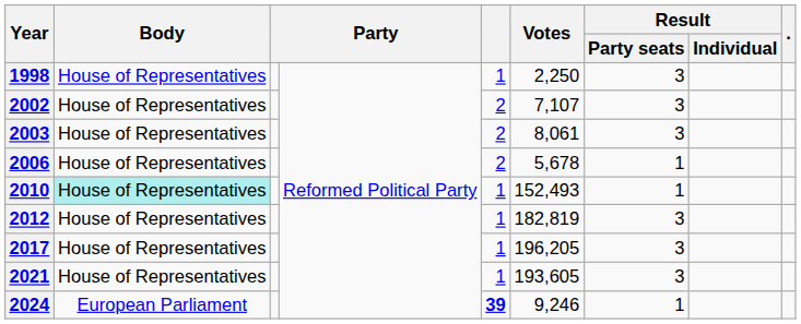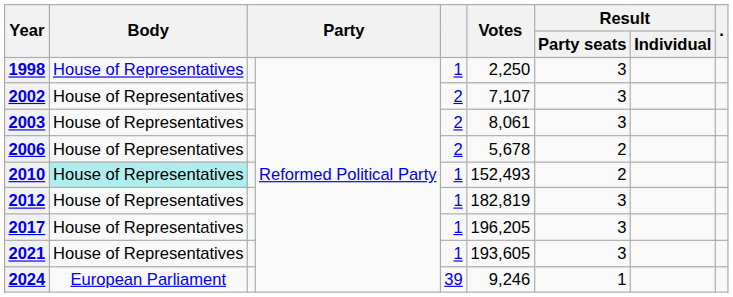 <table class="wikitable plainrowheaders sortable" border=2 cellpadding=4 cellspacing=0 style="border: 1px #aaa solid; font-size: 90%; text-align:center;">
 <tr>
 <th scope="col" rowspan=2>Year</th>
 <th scope="col" rowspan=2>Body</th>
 <th scope="col" colspan=2 rowspan=2>Party</th>
 <th scope="col" rowspan=2></th>
 <th scope="col" rowspan=2>Votes</th>
 <th scope="colgroup" colspan=2>Result</th>
 <th scope="col" rowspan=2 class="unsortable">.</th>
 </tr>
 <tr>
 <th scope="col">Party seats</th>
 <th scope="col">Individual</th>
 </tr>
 <tr>
 <th scope="row"><a href='#'>1998</a></th>
 <td><a href='#'>House of Representatives</a></td>
 <td style="background-color:"></td>
 <td rowspan="9"><a href='#'>Reformed Political Party</a></td>
 <td style=text-align:right><a href='#'>1</a></td>
 <td style=text-align:right>2,250</td>
 <td style=text-align:right>3</td>
 <td></td>
 <td></td>
 </tr>
 <tr>
 <th scope="row"><a href='#'>2002</a></th>
 <td>House of Representatives</td>
 <td style="background-color:"></td>
 <td style=text-align:right><a href='#'>2</a></td>
 <td style=text-align:right>7,107</td>
 <td style=text-align:right>3</td>
 <td></td>
 <td></td>
 </tr>
 <tr>
 <th scope="row"><a href='#'>2003</a></th>
 <td>House of Representatives</td>
 <td style="background-color:"></td>
 <td style=text-align:right><a href='#'>2</a></td>
 <td style=text-align:right>8,061</td>
 <td style=text-align:right>3</td>
 <td></td>
 <td></td>
 </tr>
 <tr>
 <th scope="row"><a href='#'>2006</a></th>
 <td>House of Representatives</td>
 <td style="background-color:"></td>
 <td style=text-align:right><a href='#'>2</a></td>
 <td style=text-align:right>5,678</td>
-<td style=text-align:right>1</td>
+<td style=text-align:right>2</td>
 <td></td>
 <td></td>
 </tr>
 <tr>
 <th scope="row"><a href='#'>2010</a></th>
 <td style="background: paleturquoise;">House of Representatives</td>
 <td style="background-color:"></td>
 <td style=text-align:right><a href='#'>1</a></td>
 <td style=text-align:right>152,493</td>
-<td style=text-align:right>1</td>
+<td style=text-align:right>2</td>
 <td></td>
 <td></td>
 </tr>
 <tr>
 <th scope="row"><a href='#'>2012</a></th>
 <td>House of Representatives</td>
 <td style="background-color:"></td>
 <td style=text-align:right><a href='#'>1</a></td>
 <td style=text-align:right>182,819</td>
 <td style=text-align:right>3</td>
 <td></td>
 <td></td>
 </tr>
 <tr>
 <th scope="row"><a href='#'>2017</a></th>
 <td>House of Representatives</td>
 <td style="background-color:"></td>
 <td style=text-align:right><a href='#'>1</a></td>
 <td style=text-align:right>196,205</td>
 <td style=text-align:right>3</td>
 <td></td>
 <td></td>
 </tr>
 <tr>
 <th scope="row"><a href='#'>2021</a></th>
 <td>House of Representatives</td>
 <td style="background-color:"></td>
 <td style=text-align:right><a href='#'>1</a></td>
 <td style=text-align:right>193,605</td>
 <td style=text-align:right>3</td>
 <td></td>
 <td></td>
 </tr>
 <tr>
 <th scope="row"><a href='#'>2024</a></th>
 <td><a href='#'>European Parliament</a></td>
 <td style="background-color:"></td>
-<td style=text-align:right><strong><a href='#'>39</a></strong></td>
+<td style=text-align:right><a href='#'>39</a></td>
 <td style=text-align:right>9,246</td>
 <td style=text-align:right>1</td>
 <td></td>
 <td></td>
 </tr>
 </table>
